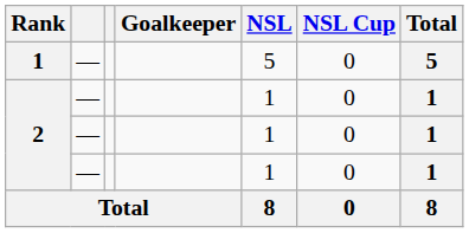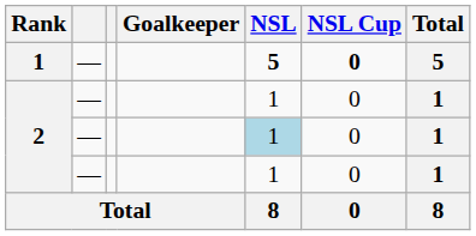 <table class="wikitable sortable" style="text-align:center">
 <tr>
 <th>Rank</th>
 <th></th>
 <th></th>
 <th>Goalkeeper</th>
 <th><a href='#'>NSL</a></th>
 <th><a href='#'>NSL Cup</a></th>
 <th>Total</th>
 </tr>
 <tr>
 <th>1</th>
 <td>—</td>
 <td></td>
 <td align="left"></td>
-<td>5</td>
-<td>0</td>
+<td><strong>5</strong></td>
+<td><strong>0</strong></td>
 <th>5</th>
 </tr>
 <tr>
 <th rowspan="3">2</th>
 <td>—</td>
 <td></td>
 <td align="left"></td>
 <td>1</td>
 <td>0</td>
 <th>1</th>
 </tr>
 <tr>
 <td>—</td>
 <td></td>
 <td align="left"></td>
-<td>1</td>
+<td style="background: lightblue;">1</td>
 <td>0</td>
 <th>1</th>
 </tr>
 <tr>
 <td>—</td>
 <td></td>
 <td align="left"></td>
 <td>1</td>
 <td>0</td>
 <th>1</th>
 </tr>
 <tr>
 <th colspan="4">Total</th>
 <th>8</th>
 <th>0</th>
 <th>8</th>
 </tr>
 </table>
